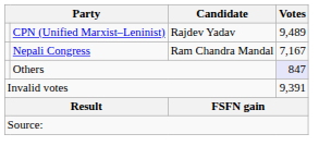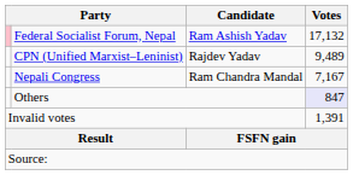 <table class="wikitable">
 <tr>
 <th colspan="2">Party</th>
 <th>Candidate</th>
 <th>Votes</th>
+</tr>
+<tr>
+<td style="background-color:#ffc0cb"></td>
+<td><a href='#'>Federal Socialist Forum, Nepal</a></td>
+<td><a href='#'>Ram Ashish Yadav</a></td>
+<td style="text-align:right">17,132</td>
 </tr>
 <tr>
 <td style="background-color:"></td>
 <td><a href='#'>CPN (Unified Marxist–Leninist)</a></td>
 <td>Rajdev Yadav</td>
 <td style="text-align:right">9,489</td>
 </tr>
 <tr>
 <td style="background-color:"></td>
 <td><a href='#'>Nepali Congress</a></td>
 <td>Ram Chandra Mandal</td>
 <td style="text-align:right">7,167</td>
 </tr>
 <tr>
 <td></td>
 <td colspan="2">Others</td>
 <td style="background: lavender; text-align:right">847</td>
 </tr>
 <tr>
 <td colspan="3">Invalid votes</td>
-<td style="text-align:right">9,391</td>
+<td style="text-align:right">1,391</td>
 </tr>
 <tr>
 <th colspan="2">Result</th>
 <th colspan="2">FSFN gain</th>
 </tr>
 <tr>
 <td colspan="4">Source: </td>
 </tr>
 </table>
